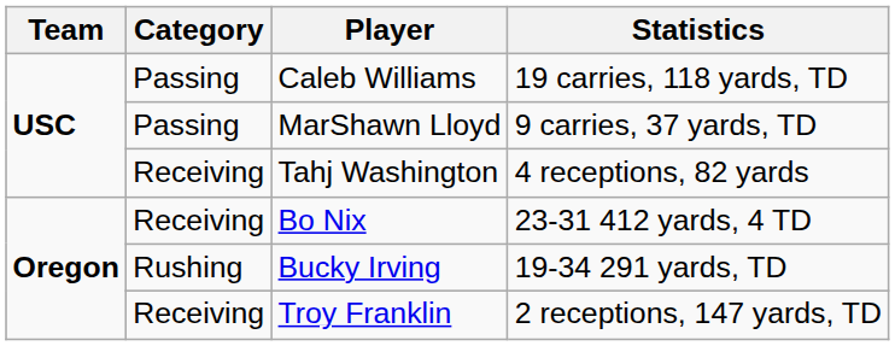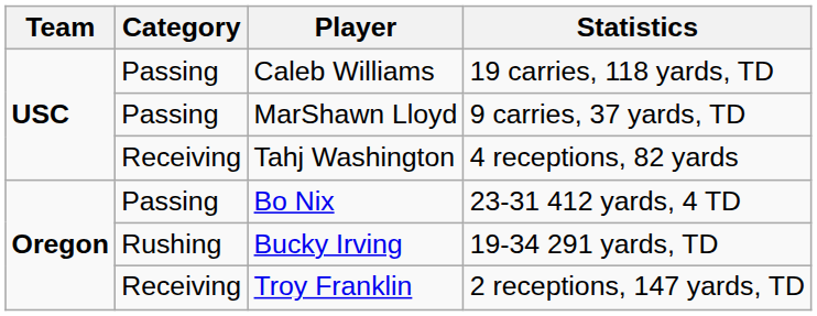 <table class="wikitable" style="float: right;">
 <tr>
 <th>Team</th>
 <th>Category</th>
 <th>Player</th>
 <th>Statistics</th>
 </tr>
 <tr>
 <td rowspan=3><strong>USC</strong></td>
 <td>Passing</td>
 <td>Caleb Williams</td>
 <td>19 carries, 118 yards, TD</td>
 </tr>
 <tr>
 <td>Passing</td>
 <td>MarShawn Lloyd</td>
 <td>9 carries, 37 yards, TD</td>
 </tr>
 <tr>
 <td>Receiving</td>
 <td>Tahj Washington</td>
 <td>4 receptions, 82 yards</td>
 </tr>
 <tr>
 <td rowspan=3><strong>Oregon</strong></td>
-<td>Receiving</td>
+<td>Passing</td>
 <td><a href='#'>Bo Nix</a></td>
 <td>23-31 412 yards, 4 TD</td>
 </tr>
 <tr>
 <td>Rushing</td>
 <td><a href='#'>Bucky Irving</a></td>
 <td>19-34 291 yards, TD</td>
 </tr>
 <tr>
 <td>Receiving</td>
 <td><a href='#'>Troy Franklin</a></td>
 <td>2 receptions, 147 yards, TD</td>
 </tr>
 </table>
